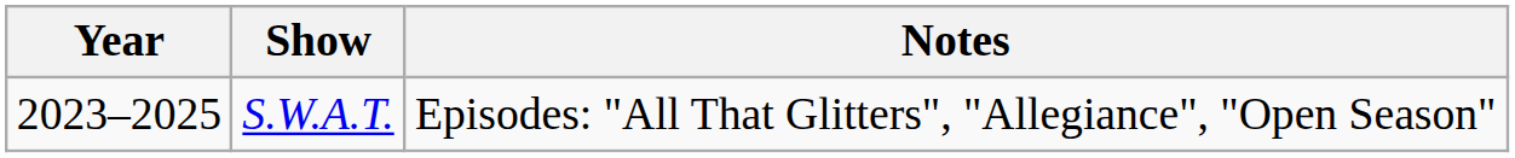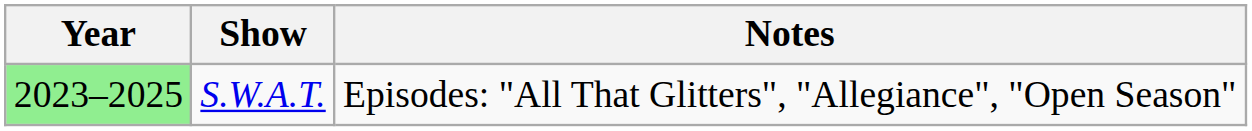 <table class="wikitable sortable">
 <tr>
 <th>Year</th>
 <th>Show</th>
 <th>Notes</th>
 </tr>
 <tr>
-<td>2023–2025</td>
+<td style="background: lightgreen;">2023–2025</td>
 <td><em><a href='#'>S.W.A.T.</a></em></td>
 <td>Episodes: "All That Glitters", "Allegiance", "Open Season"</td>
 </tr>
 </table>
